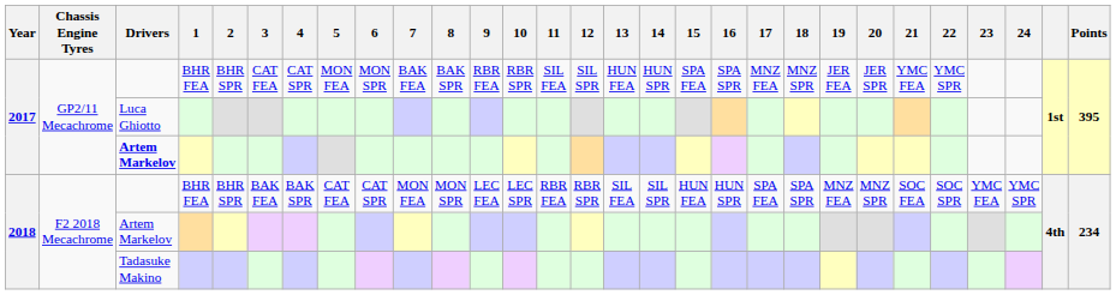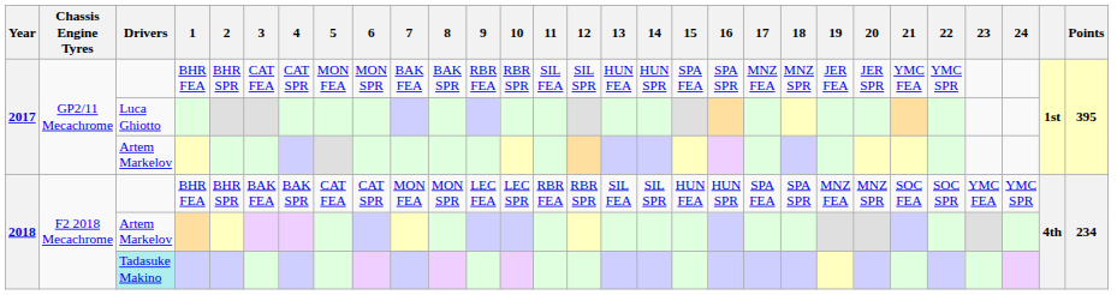 <table class="wikitable" style="text-align:center; font-size:85%;">
 <tr>
 <th>Year</th>
 <th>Chassis<br>Engine<br>Tyres</th>
 <th>Drivers</th>
 <th>1</th>
 <th>2</th>
 <th>3</th>
 <th>4</th>
 <th>5</th>
 <th>6</th>
 <th>7</th>
 <th>8</th>
 <th>9</th>
 <th>10</th>
 <th>11</th>
 <th>12</th>
 <th>13</th>
 <th>14</th>
 <th>15</th>
 <th>16</th>
 <th>17</th>
 <th>18</th>
 <th>19</th>
 <th>20</th>
 <th>21</th>
 <th>22</th>
 <th>23</th>
 <th>24</th>
 <th></th>
 <th>Points</th>
 </tr>
 <tr>
 <th rowspan=3><a href='#'>2017</a></th>
 <td rowspan=3><a href='#'>GP2/11</a><br><a href='#'>Mecachrome</a><br></td>
 <td></td>
 <td><a href='#'>BHR<br>FEA</a></td>
 <td><a href='#'>BHR<br>SPR</a></td>
 <td><a href='#'>CAT<br>FEA</a></td>
 <td><a href='#'>CAT<br>SPR</a></td>
 <td><a href='#'>MON<br>FEA</a></td>
 <td><a href='#'>MON<br>SPR</a></td>
 <td><a href='#'>BAK<br>FEA</a></td>
 <td><a href='#'>BAK<br>SPR</a></td>
 <td><a href='#'>RBR<br>FEA</a></td>
 <td><a href='#'>RBR<br>SPR</a></td>
 <td><a href='#'>SIL<br>FEA</a></td>
 <td><a href='#'>SIL<br>SPR</a></td>
 <td><a href='#'>HUN<br>FEA</a></td>
 <td><a href='#'>HUN<br>SPR</a></td>
 <td><a href='#'>SPA<br>FEA</a></td>
 <td><a href='#'>SPA<br>SPR</a></td>
 <td><a href='#'>MNZ<br>FEA</a></td>
 <td><a href='#'>MNZ<br>SPR</a></td>
 <td><a href='#'>JER<br>FEA</a></td>
 <td><a href='#'>JER<br>SPR</a></td>
 <td><a href='#'>YMC<br>FEA</a></td>
 <td><a href='#'>YMC<br>SPR</a></td>
 <td></td>
 <td></td>
 <th rowspan=3 style="background:#FFFFBF;">1st</th>
 <th rowspan=3 style="background:#FFFFBF;">395</th>
 </tr>
 <tr>
 <td align=left> <a href='#'>Luca Ghiotto</a></td>
 <td style="background:#DFFFDF;"></td>
 <td style="background:#DFDFDF;"></td>
 <td style="background:#DFDFDF;"></td>
 <td style="background:#DFFFDF;"></td>
 <td style="background:#DFFFDF;"></td>
 <td style="background:#DFFFDF;"></td>
 <td style="background:#CFCFFF;"></td>
 <td style="background:#DFFFDF;"></td>
 <td style="background:#CFCFFF;"></td>
 <td style="background:#DFFFDF;"></td>
 <td style="background:#DFFFDF;"></td>
 <td style="background:#DFDFDF;"></td>
 <td style="background:#DFFFDF;"></td>
 <td style="background:#DFFFDF;"></td>
 <td style="background:#DFDFDF;"></td>
 <td style="background:#FFDF9F;"></td>
 <td style="background:#DFFFDF;"></td>
 <td style="background:#FFFFBF;"></td>
 <td style="background:#DFFFDF;"></td>
 <td style="background:#DFFFDF;"></td>
 <td style="background:#FFDF9F;"></td>
 <td style="background:#DFFFDF;"></td>
 <td></td>
 <td></td>
 </tr>
 <tr>
-<td align=left><strong> <a href='#'>Artem Markelov</a></strong></td>
+<td align=left> <a href='#'>Artem Markelov</a></td>
 <td style="background:#FFFFBF;"></td>
 <td style="background:#DFFFDF;"></td>
 <td style="background:#DFFFDF;"></td>
 <td style="background:#CFCFFF;"></td>
 <td style="background:#DFDFDF;"></td>
 <td style="background:#DFFFDF;"></td>
 <td style="background:#DFFFDF;"></td>
 <td style="background:#DFFFDF;"></td>
 <td style="background:#DFFFDF;"></td>
 <td style="background:#FFFFBF;"></td>
 <td style="background:#DFFFDF;"></td>
 <td style="background:#FFDF9F;"></td>
 <td style="background:#CFCFFF;"></td>
 <td style="background:#CFCFFF;"></td>
 <td style="background:#FFFFBF;"></td>
 <td style="background:#EFCFFF;"></td>
 <td style="background:#DFFFDF;"></td>
 <td style="background:#CFCFFF;"></td>
 <td style="background:#DFFFDF;"></td>
 <td style="background:#FFFFBF;"></td>
 <td style="background:#FFFFBF;"></td>
 <td style="background:#DFFFDF;"></td>
 <td></td>
 <td></td>
 </tr>
 <tr>
 <th rowspan=3><a href='#'>2018</a></th>
 <td rowspan=3><a href='#'>F2 2018</a><br><a href='#'>Mecachrome</a><br></td>
 <td></td>
 <td><a href='#'>BHR<br>FEA</a></td>
 <td><a href='#'>BHR<br>SPR</a></td>
 <td><a href='#'>BAK<br>FEA</a></td>
 <td><a href='#'>BAK<br>SPR</a></td>
 <td><a href='#'>CAT<br>FEA</a></td>
 <td><a href='#'>CAT<br>SPR</a></td>
 <td><a href='#'>MON<br>FEA</a></td>
 <td><a href='#'>MON<br>SPR</a></td>
 <td><a href='#'>LEC<br>FEA</a></td>
 <td><a href='#'>LEC<br>SPR</a></td>
 <td><a href='#'>RBR<br>FEA</a></td>
 <td><a href='#'>RBR<br>SPR</a></td>
 <td><a href='#'>SIL<br>FEA</a></td>
 <td><a href='#'>SIL<br>SPR</a></td>
 <td><a href='#'>HUN<br>FEA</a></td>
 <td><a href='#'>HUN<br>SPR</a></td>
 <td><a href='#'>SPA<br>FEA</a></td>
 <td><a href='#'>SPA<br>SPR</a></td>
 <td><a href='#'>MNZ<br>FEA</a></td>
 <td><a href='#'>MNZ<br>SPR</a></td>
 <td><a href='#'>SOC<br>FEA</a></td>
 <td><a href='#'>SOC<br>SPR</a></td>
 <td><a href='#'>YMC<br>FEA</a></td>
 <td><a href='#'>YMC<br>SPR</a></td>
 <th rowspan=3>4th</th>
 <th rowspan=3>234</th>
 </tr>
 <tr>
 <td align=left> <a href='#'>Artem Markelov</a></td>
 <td style="background:#FFDF9F;"></td>
 <td style="background:#FFFFBF;"></td>
 <td style="background:#EFCFFF;"></td>
 <td style="background:#EFCFFF;"></td>
 <td style="background:#DFFFDF;"></td>
 <td style="background:#CFCFFF;"></td>
 <td style="background:#FFFFBF;"></td>
 <td style="background:#DFFFDF;"></td>
 <td style="background:#CFCFFF;"></td>
 <td style="background:#CFCFFF;"></td>
 <td style="background:#DFFFDF;"></td>
 <td style="background:#FFFFBF;"></td>
 <td style="background:#DFFFDF;"></td>
 <td style="background:#DFFFDF;"></td>
 <td style="background:#DFFFDF;"></td>
 <td style="background:#CFCFFF;"></td>
 <td style="background:#DFFFDF;"></td>
 <td style="background:#DFFFDF;"></td>
 <td style="background:#DFDFDF;"></td>
 <td style="background:#DFDFDF;"></td>
 <td style="background:#CFCFFF;"></td>
 <td style="background:#DFFFDF;"></td>
 <td style="background:#DFDFDF;"></td>
 <td style="background:#DFFFDF;"></td>
 </tr>
 <tr>
-<td align=left> <a href='#'>Tadasuke Makino</a></td>
+<td align=left style="background: paleturquoise;"> <a href='#'>Tadasuke Makino</a></td>
 <td style="background:#CFCFFF;"></td>
 <td style="background:#CFCFFF;"></td>
 <td style="background:#DFFFDF;"></td>
 <td style="background:#CFCFFF;"></td>
 <td style="background:#DFFFDF;"></td>
 <td style="background:#EFCFFF;"></td>
 <td style="background:#CFCFFF;"></td>
 <td style="background:#EFCFFF;"></td>
 <td style="background:#DFFFDF;"></td>
 <td style="background:#EFCFFF;"></td>
 <td style="background:#DFFFDF;"></td>
 <td style="background:#DFFFDF;"></td>
 <td style="background:#CFCFFF;"></td>
 <td style="background:#CFCFFF;"></td>
 <td style="background:#DFFFDF;"></td>
 <td style="background:#CFCFFF;"></td>
 <td style="background:#CFCFFF;"></td>
 <td style="background:#CFCFFF;"></td>
 <td style="background:#FFFFBF;"></td>
 <td style="background:#CFCFFF;"></td>
 <td style="background:#DFFFDF;"></td>
 <td style="background:#CFCFFF;"></td>
 <td style="background:#DFFFDF;"></td>
 <td style="background:#EFCFFF;"></td>
 </tr>
 </table>
